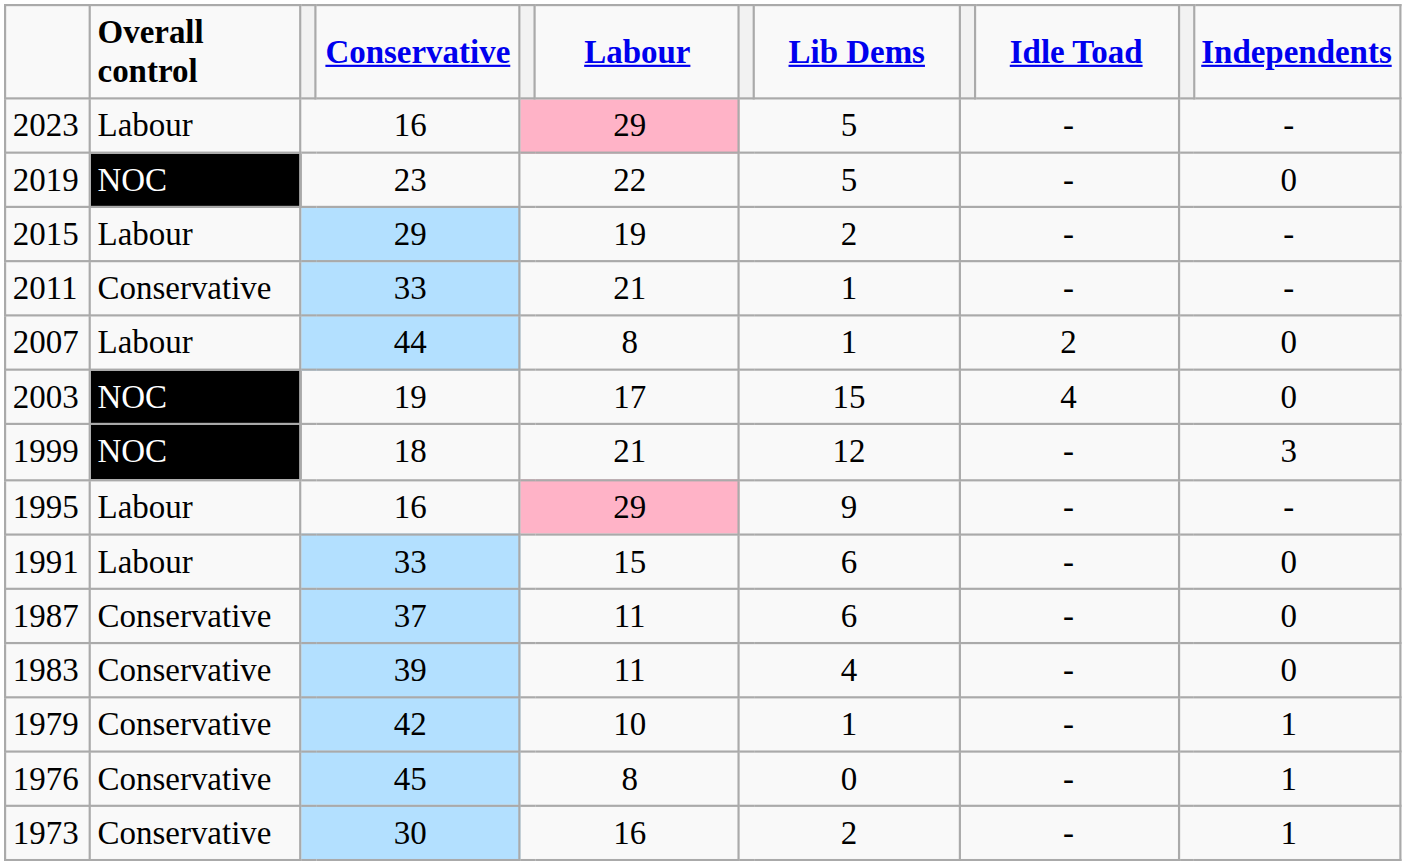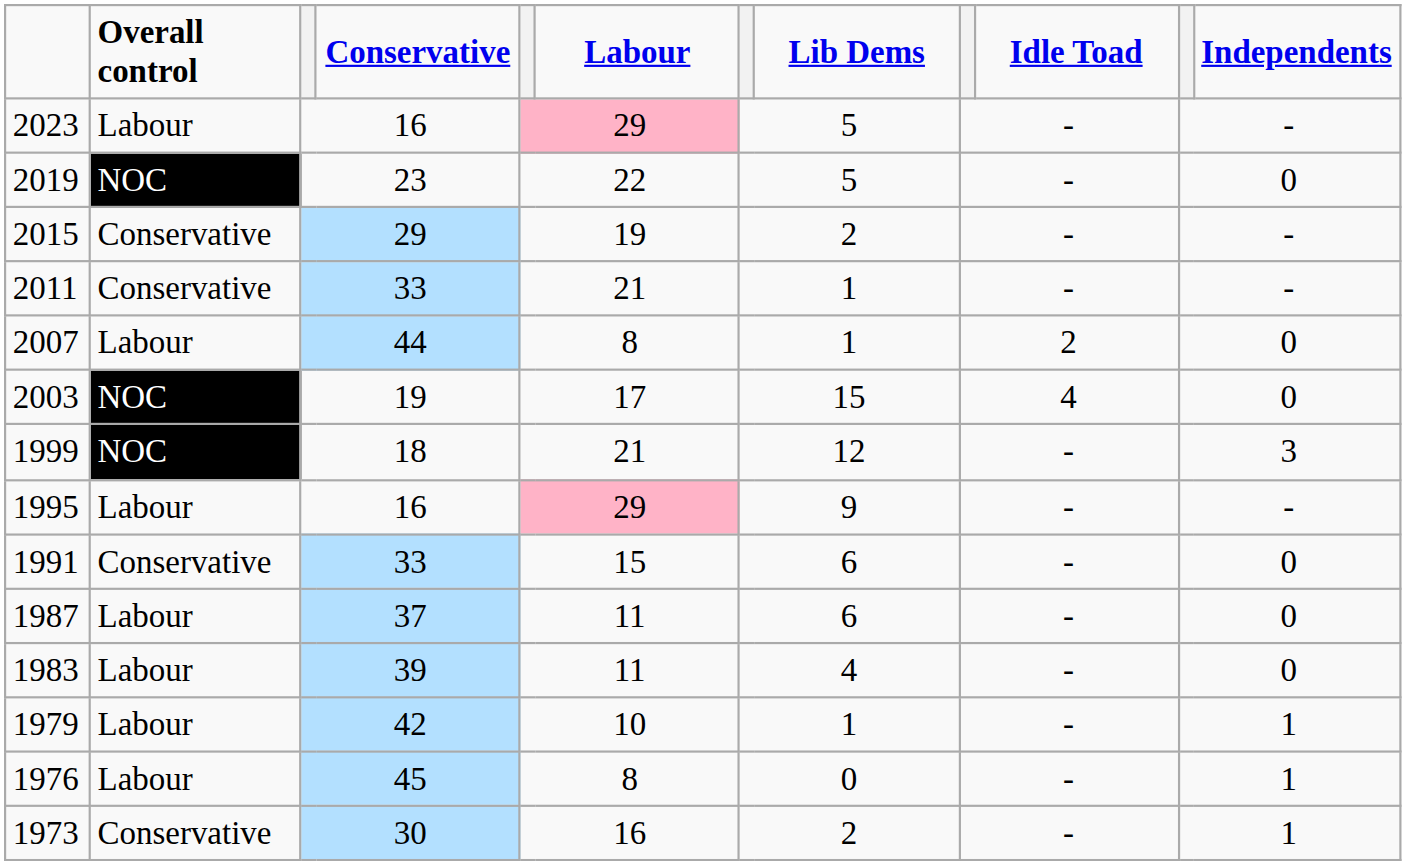 <table class="wikitable" style="text-align:left; padding-left:1em; font-size: 95%">
 <tr>
 <td width=32></td>
 <td width=90><strong>Overall control</strong></td>
 <th style="background-color: "></th>
 <td width=87 align="center"><strong><a href='#'>Conservative</a></strong></td>
 <th style="background-color: "></th>
 <td width=87 align="center"><strong><a href='#'>Labour</a></strong></td>
 <th style="background-color: "></th>
 <td width=87 align="center"><strong><a href='#'>Lib Dems </a></strong></td>
 <th style="background-color: "></th>
 <td width=87 align="center"><strong><a href='#'>Idle Toad</a></strong></td>
 <th style="background-color: "></th>
 <td width=87 align="center"><strong><a href='#'>Independents</a></strong></td>
 </tr>
 <tr>
 <td>2023</td>
 <td style="background:">Labour</td>
 <td colspan=2 align="center">16</td>
 <td colspan=2 align="center" style="background:#ffb3c7">29</td>
 <td colspan=2 align="center">5</td>
 <td colspan=2 align="center">-</td>
 <td colspan=2 align="center">-</td>
 </tr>
 <tr>
 <td>2019</td>
 <td style="background:black; color:white">NOC</td>
 <td colspan=2 align="center">23</td>
 <td colspan=2 align="center">22</td>
 <td colspan=2 align="center">5</td>
 <td colspan=2 align="center">-</td>
 <td colspan=2 align="center">0</td>
 </tr>
 <tr>
 <td>2015</td>
-<td style="background:">Labour</td>
+<td style="background:">Conservative</td>
 <td colspan=2 align="center" style="background:#B3E0FF">29</td>
 <td colspan=2 align="center">19</td>
 <td colspan=2 align="center">2</td>
 <td colspan=2 align="center">-</td>
 <td colspan=2 align="center">-</td>
 </tr>
 <tr>
 <td>2011</td>
 <td style="background:">Conservative</td>
 <td colspan=2 align="center" style="background:#B3E0FF">33</td>
 <td colspan=2 align="center">21</td>
 <td colspan=2 align="center">1</td>
 <td colspan=2 align="center">-</td>
 <td colspan=2 align="center">-</td>
 </tr>
 <tr>
 <td>2007</td>
 <td style="background:">Labour</td>
 <td colspan=2 align="center" style="background:#B3E0FF">44</td>
 <td colspan=2 align="center">8</td>
 <td colspan=2 align="center">1</td>
 <td colspan=2 align="center">2</td>
 <td colspan=2 align="center">0</td>
 </tr>
 <tr>
 <td>2003</td>
 <td style="background:black; color:white">NOC</td>
 <td colspan=2 align="center">19</td>
 <td colspan=2 align="center">17</td>
 <td colspan=2 align="center">15</td>
 <td colspan=2 align="center">4</td>
 <td colspan=2 align="center">0</td>
 </tr>
 <tr>
 <td>1999</td>
 <td style="background:black; color:white">NOC</td>
 <td colspan=2 align="center">18</td>
 <td colspan=2 align="center">21</td>
 <td colspan=2 align="center">12</td>
 <td colspan=2 align="center">-</td>
 <td colspan=2 align="center">3</td>
 </tr>
 <tr>
 <td>1995</td>
 <td style="background:">Labour</td>
 <td colspan=2 align="center">16</td>
 <td colspan=2 align="center" style="background:#ffb3c7">29</td>
 <td colspan=2 align="center">9</td>
 <td colspan=2 align="center">-</td>
 <td colspan=2 align="center">-</td>
 </tr>
 <tr>
 <td>1991</td>
-<td style="background:">Labour</td>
+<td style="background:">Conservative</td>
 <td colspan=2 align="center" style="background:#B3E0FF">33</td>
 <td colspan=2 align="center">15</td>
 <td colspan=2 align="center">6</td>
 <td colspan=2 align="center">-</td>
 <td colspan=2 align="center">0</td>
 </tr>
 <tr>
 <td>1987</td>
-<td style="background:">Conservative</td>
+<td style="background:">Labour</td>
 <td colspan=2 align="center" style="background:#B3E0FF">37</td>
 <td colspan=2 align="center">11</td>
 <td colspan=2 align="center">6</td>
 <td colspan=2 align="center">-</td>
 <td colspan=2 align="center">0</td>
 </tr>
 <tr>
 <td>1983</td>
-<td style="background:">Conservative</td>
+<td style="background:">Labour</td>
 <td colspan=2 align="center" style="background:#B3E0FF">39</td>
 <td colspan=2 align="center">11</td>
 <td colspan=2 align="center">4</td>
 <td colspan=2 align="center">-</td>
 <td colspan=2 align="center">0</td>
 </tr>
 <tr>
 <td>1979</td>
-<td style="background:">Conservative</td>
+<td style="background:">Labour</td>
 <td colspan=2 align="center" style="background:#B3E0FF">42</td>
 <td colspan=2 align="center">10</td>
 <td colspan=2 align="center">1</td>
 <td colspan=2 align="center">-</td>
 <td colspan=2 align="center">1</td>
 </tr>
 <tr>
 <td>1976</td>
-<td style="background:">Conservative</td>
+<td style="background:">Labour</td>
 <td colspan=2 align="center" style="background:#B3E0FF">45</td>
 <td colspan=2 align="center">8</td>
 <td colspan=2 align="center">0</td>
 <td colspan=2 align="center">-</td>
 <td colspan=2 align="center">1</td>
 </tr>
 <tr>
 <td>1973</td>
 <td style="background:">Conservative</td>
 <td colspan=2 align="center" style="background:#B3E0FF">30</td>
 <td colspan=2 align="center">16</td>
 <td colspan=2 align="center">2</td>
 <td colspan=2 align="center">-</td>
 <td colspan=2 align="center">1</td>
 </tr>
 </table>
